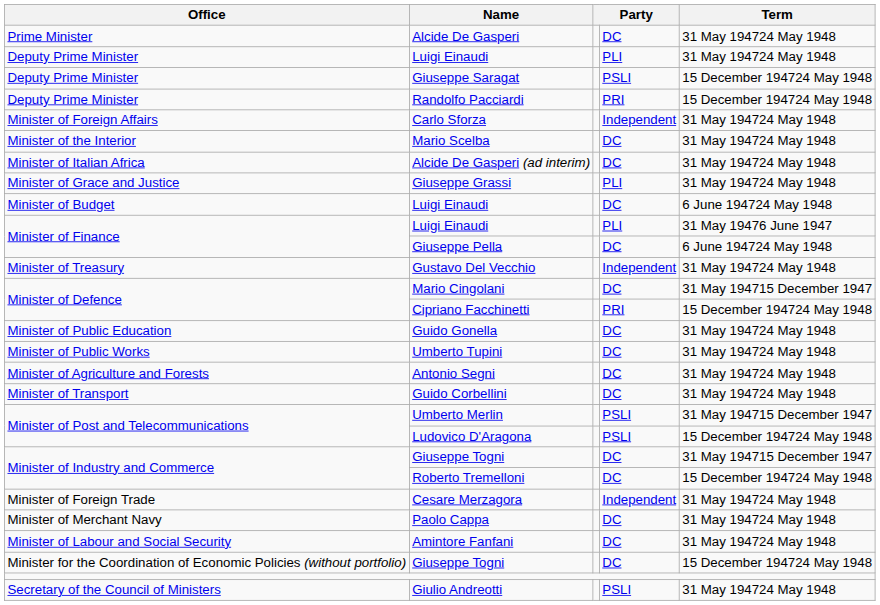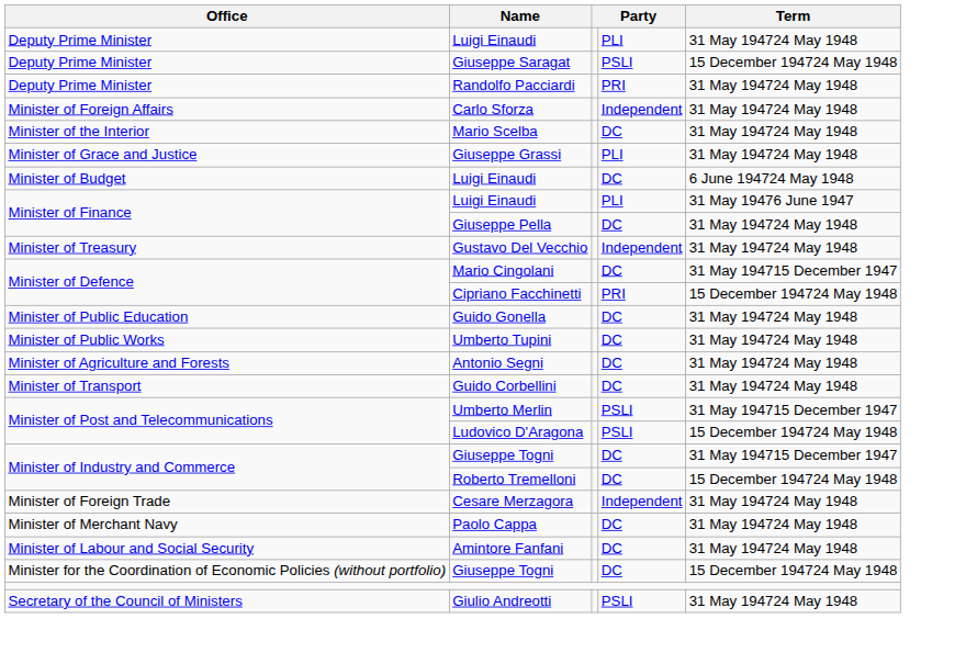 <table class="wikitable">
 <tr>
 <th>Office</th>
 <th>Name</th>
 <th colspan=2>Party</th>
 <th>Term</th>
-</tr>
-<tr>
-<td><a href='#'>Prime Minister</a></td>
-<td><a href='#'>Alcide De Gasperi</a></td>
-<td></td>
-<td><a href='#'>DC</a></td>
-<td>31 May 194724 May 1948</td>
 </tr>
 <tr>
 <td><a href='#'>Deputy Prime Minister</a></td>
 <td><a href='#'>Luigi Einaudi</a></td>
 <td></td>
 <td><a href='#'>PLI</a></td>
 <td>31 May 194724 May 1948</td>
 </tr>
 <tr>
 <td><a href='#'>Deputy Prime Minister</a></td>
 <td><a href='#'>Giuseppe Saragat</a></td>
 <td></td>
 <td><a href='#'>PSLI</a></td>
 <td>15 December 194724 May 1948</td>
 </tr>
 <tr>
 <td><a href='#'>Deputy Prime Minister</a></td>
 <td><a href='#'>Randolfo Pacciardi</a></td>
 <td></td>
 <td><a href='#'>PRI</a></td>
-<td>15 December 194724 May 1948</td>
+<td>31 May 194724 May 1948</td>
 </tr>
 <tr>
 <td><a href='#'>Minister of Foreign Affairs</a></td>
 <td><a href='#'>Carlo Sforza</a></td>
 <td></td>
 <td><a href='#'>Independent</a></td>
 <td>31 May 194724 May 1948</td>
 </tr>
 <tr>
 <td><a href='#'>Minister of the Interior</a></td>
 <td><a href='#'>Mario Scelba</a></td>
-<td></td>
-<td><a href='#'>DC</a></td>
-<td>31 May 194724 May 1948</td>
-</tr>
-<tr>
-<td><a href='#'>Minister of Italian Africa</a></td>
-<td><a href='#'>Alcide De Gasperi</a> <em>(ad interim)</em></td>
 <td></td>
 <td><a href='#'>DC</a></td>
 <td>31 May 194724 May 1948</td>
 </tr>
 <tr>
 <td><a href='#'>Minister of Grace and Justice</a></td>
 <td><a href='#'>Giuseppe Grassi</a></td>
 <td></td>
 <td><a href='#'>PLI</a></td>
 <td>31 May 194724 May 1948</td>
 </tr>
 <tr>
 <td><a href='#'>Minister of Budget</a></td>
 <td><a href='#'>Luigi Einaudi</a></td>
 <td></td>
 <td><a href='#'>DC</a></td>
 <td>6 June 194724 May 1948</td>
 </tr>
 <tr>
 <td rowspan=2><a href='#'>Minister of Finance</a></td>
 <td><a href='#'>Luigi Einaudi</a></td>
 <td></td>
 <td><a href='#'>PLI</a></td>
 <td>31 May 19476 June 1947</td>
 </tr>
 <tr>
 <td><a href='#'>Giuseppe Pella</a></td>
 <td></td>
 <td><a href='#'>DC</a></td>
-<td>6 June 194724 May 1948</td>
+<td>31 May 194724 May 1948</td>
 </tr>
 <tr>
 <td><a href='#'>Minister of Treasury</a></td>
 <td><a href='#'>Gustavo Del Vecchio</a></td>
 <td></td>
 <td><a href='#'>Independent</a></td>
 <td>31 May 194724 May 1948</td>
 </tr>
 <tr>
 <td rowspan=2><a href='#'>Minister of Defence</a></td>
 <td><a href='#'>Mario Cingolani</a></td>
 <td></td>
 <td><a href='#'>DC</a></td>
 <td>31 May 194715 December 1947</td>
 </tr>
 <tr>
 <td><a href='#'>Cipriano Facchinetti</a></td>
 <td></td>
 <td><a href='#'>PRI</a></td>
 <td>15 December 194724 May 1948</td>
 </tr>
 <tr>
 <td><a href='#'>Minister of Public Education</a></td>
 <td><a href='#'>Guido Gonella</a></td>
 <td></td>
 <td><a href='#'>DC</a></td>
 <td>31 May 194724 May 1948</td>
 </tr>
 <tr>
 <td><a href='#'>Minister of Public Works</a></td>
 <td><a href='#'>Umberto Tupini</a></td>
 <td></td>
 <td><a href='#'>DC</a></td>
 <td>31 May 194724 May 1948</td>
 </tr>
 <tr>
 <td><a href='#'>Minister of Agriculture and Forests</a></td>
 <td><a href='#'>Antonio Segni</a></td>
 <td></td>
 <td><a href='#'>DC</a></td>
 <td>31 May 194724 May 1948</td>
 </tr>
 <tr>
 <td><a href='#'>Minister of Transport</a></td>
 <td><a href='#'>Guido Corbellini</a></td>
 <td></td>
 <td><a href='#'>DC</a></td>
 <td>31 May 194724 May 1948</td>
 </tr>
 <tr>
 <td rowspan=2><a href='#'>Minister of Post and Telecommunications</a></td>
 <td><a href='#'>Umberto Merlin</a></td>
 <td></td>
 <td><a href='#'>PSLI</a></td>
 <td>31 May 194715 December 1947</td>
 </tr>
 <tr>
 <td><a href='#'>Ludovico D'Aragona</a></td>
 <td></td>
 <td><a href='#'>PSLI</a></td>
 <td>15 December 194724 May 1948</td>
 </tr>
 <tr>
 <td rowspan=2><a href='#'>Minister of Industry and Commerce</a></td>
 <td><a href='#'>Giuseppe Togni</a></td>
 <td></td>
 <td><a href='#'>DC</a></td>
 <td>31 May 194715 December 1947</td>
 </tr>
 <tr>
 <td><a href='#'>Roberto Tremelloni</a></td>
 <td></td>
 <td><a href='#'>DC</a></td>
 <td>15 December 194724 May 1948</td>
 </tr>
 <tr>
 <td>Minister of Foreign Trade</td>
 <td><a href='#'>Cesare Merzagora</a></td>
 <td></td>
 <td><a href='#'>Independent</a></td>
 <td>31 May 194724 May 1948</td>
 </tr>
 <tr>
 <td>Minister of Merchant Navy</td>
 <td><a href='#'>Paolo Cappa</a></td>
 <td></td>
 <td><a href='#'>DC</a></td>
 <td>31 May 194724 May 1948</td>
 </tr>
 <tr>
 <td><a href='#'>Minister of Labour and Social Security</a></td>
 <td><a href='#'>Amintore Fanfani</a></td>
 <td></td>
 <td><a href='#'>DC</a></td>
 <td>31 May 194724 May 1948</td>
 </tr>
 <tr>
 <td>Minister for the Coordination of Economic Policies <em>(without portfolio)</em></td>
 <td><a href='#'>Giuseppe Togni</a></td>
 <td></td>
 <td><a href='#'>DC</a></td>
 <td>15 December 194724 May 1948</td>
 </tr>
 <tr>
 <td colspan="5"></td>
 </tr>
 <tr>
 <td><a href='#'>Secretary of the Council of Ministers</a></td>
 <td><a href='#'>Giulio Andreotti</a></td>
 <td></td>
 <td><a href='#'>PSLI</a></td>
 <td>31 May 194724 May 1948</td>
 </tr>
 </table>
